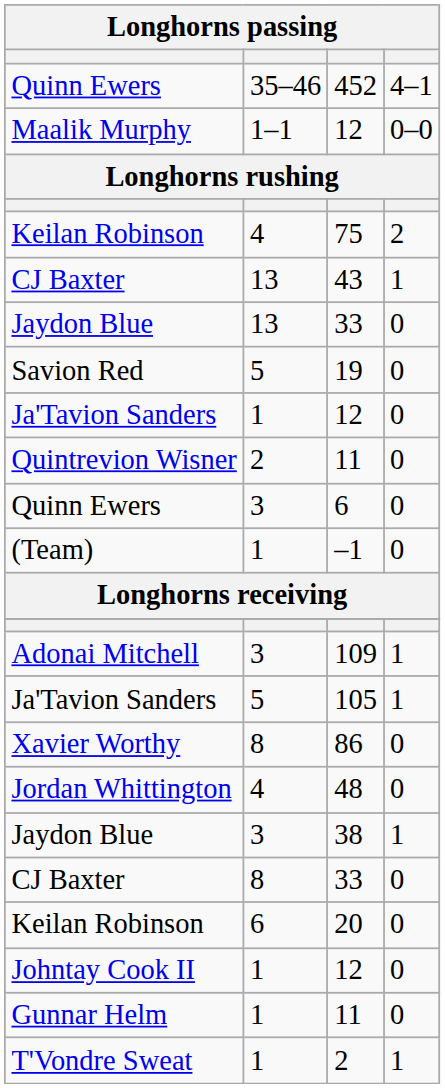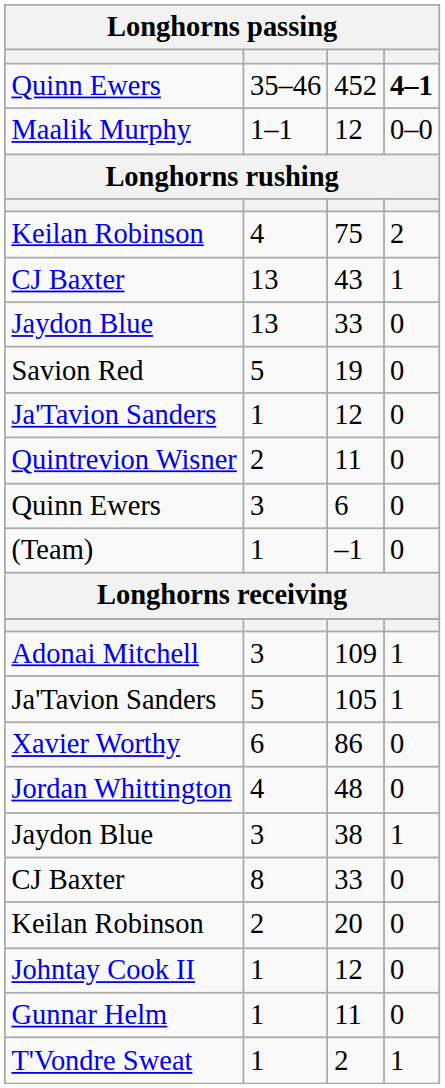 <table class="wikitable plainrowheaders">
 <tr>
 <th colspan="6">Longhorns passing</th>
 </tr>
 <tr>
 <th scope="col"></th>
 <th scope="col"></th>
 <th scope="col"></th>
 <th scope="col"></th>
 </tr>
 <tr>
 <td><a href='#'>Quinn Ewers</a></td>
 <td>35–46</td>
 <td>452</td>
-<td>4–1</td>
+<td><strong>4–1</strong></td>
 </tr>
 <tr>
 <td><a href='#'>Maalik Murphy</a></td>
 <td>1–1</td>
 <td>12</td>
 <td>0–0</td>
 </tr>
 <tr>
 <th colspan="6">Longhorns rushing</th>
 </tr>
 <tr>
 <th scope="col"></th>
 <th scope="col"></th>
 <th scope="col"></th>
 <th scope="col"></th>
 </tr>
 <tr>
 <td><a href='#'>Keilan Robinson</a></td>
 <td>4</td>
 <td>75</td>
 <td>2</td>
 </tr>
 <tr>
 <td><a href='#'>CJ Baxter</a></td>
 <td>13</td>
 <td>43</td>
 <td>1</td>
 </tr>
 <tr>
 <td><a href='#'>Jaydon Blue</a></td>
 <td>13</td>
 <td>33</td>
 <td>0</td>
 </tr>
 <tr>
 <td>Savion Red</td>
 <td>5</td>
 <td>19</td>
 <td>0</td>
 </tr>
 <tr>
 <td><a href='#'>Ja'Tavion Sanders</a></td>
 <td>1</td>
 <td>12</td>
 <td>0</td>
 </tr>
 <tr>
 <td><a href='#'>Quintrevion Wisner</a></td>
 <td>2</td>
 <td>11</td>
 <td>0</td>
 </tr>
 <tr>
 <td>Quinn Ewers</td>
 <td>3</td>
 <td>6</td>
 <td>0</td>
 </tr>
 <tr>
 <td>(Team)</td>
 <td>1</td>
 <td>–1</td>
 <td>0</td>
 </tr>
 <tr>
 <th colspan="6">Longhorns receiving</th>
 </tr>
 <tr>
 </tr>
 <tr>
 <th scope="col"></th>
 <th scope="col"></th>
 <th scope="col"></th>
 <th scope="col"></th>
 </tr>
 <tr>
 <td><a href='#'>Adonai Mitchell</a></td>
 <td>3</td>
 <td>109</td>
 <td>1</td>
 </tr>
 <tr>
 <td>Ja'Tavion Sanders</td>
 <td>5</td>
 <td>105</td>
 <td>1</td>
 </tr>
 <tr>
 <td><a href='#'>Xavier Worthy</a></td>
-<td>8</td>
+<td>6</td>
 <td>86</td>
 <td>0</td>
 </tr>
 <tr>
 <td><a href='#'>Jordan Whittington</a></td>
 <td>4</td>
 <td>48</td>
 <td>0</td>
 </tr>
 <tr>
 <td>Jaydon Blue</td>
 <td>3</td>
 <td>38</td>
 <td>1</td>
 </tr>
 <tr>
 <td>CJ Baxter</td>
 <td>8</td>
 <td>33</td>
 <td>0</td>
 </tr>
 <tr>
 <td>Keilan Robinson</td>
-<td>6</td>
+<td>2</td>
 <td>20</td>
 <td>0</td>
 </tr>
 <tr>
 <td><a href='#'>Johntay Cook II</a></td>
 <td>1</td>
 <td>12</td>
 <td>0</td>
 </tr>
 <tr>
 <td><a href='#'>Gunnar Helm</a></td>
 <td>1</td>
 <td>11</td>
 <td>0</td>
 </tr>
 <tr>
 <td><a href='#'>T'Vondre Sweat</a></td>
 <td>1</td>
 <td>2</td>
 <td>1</td>
 </tr>
 </table>
